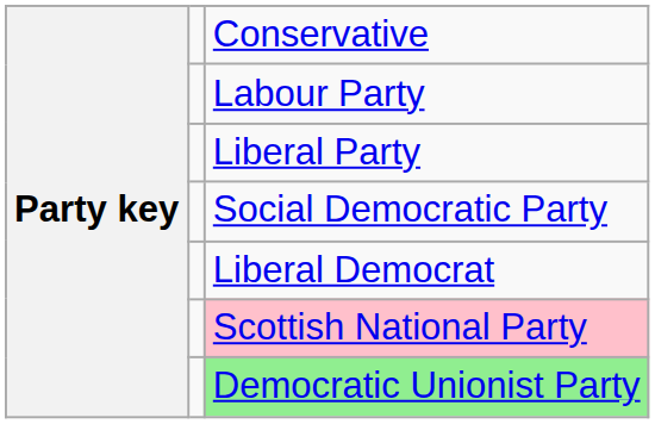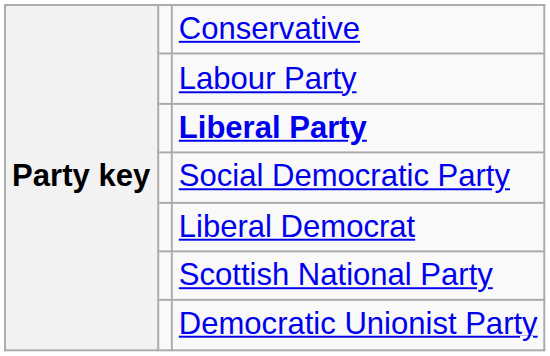 <table class=wikitable>
 <tr>
 <th rowspan=12>Party key</th>
 <td style="background: "></td>
 <td><a href='#'>Conservative</a></td>
 </tr>
 <tr>
 <td style="background: "></td>
 <td><a href='#'>Labour Party</a></td>
 </tr>
 <tr>
 <td style="background: "></td>
-<td><a href='#'>Liberal Party</a></td>
+<td><strong><a href='#'>Liberal Party</a></strong></td>
 </tr>
 <tr>
 <td style="background: "></td>
 <td><a href='#'>Social Democratic Party</a></td>
 </tr>
 <tr>
 <td style="background: "></td>
 <td><a href='#'>Liberal Democrat</a></td>
 </tr>
 <tr>
 <td style="background: "></td>
-<td style="background: pink;"><a href='#'>Scottish National Party</a></td>
+<td><a href='#'>Scottish National Party</a></td>
 </tr>
 <tr>
 <td style="background: "></td>
-<td style="background: lightgreen;"><a href='#'>Democratic Unionist Party</a></td>
+<td><a href='#'>Democratic Unionist Party</a></td>
 </tr>
 </table>
